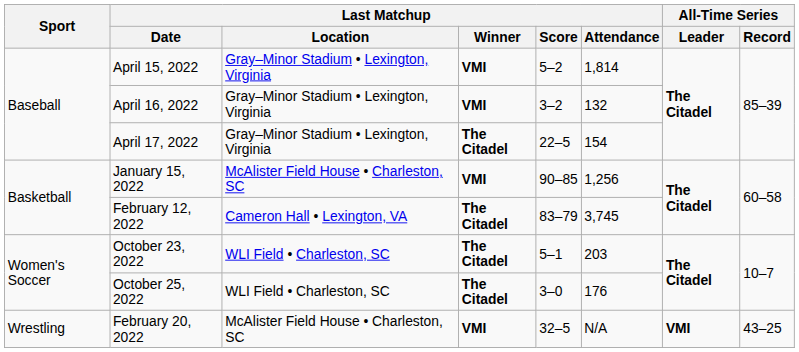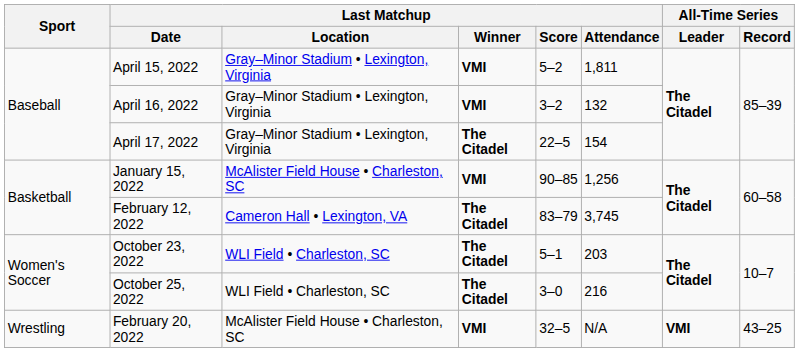 <table class="wikitable" style="text-align:left; font-size: 95%;">
 <tr>
 <th rowspan=2>Sport</th>
 <th colspan=5>Last Matchup</th>
 <th colspan=2>All-Time Series</th>
 </tr>
 <tr>
 <th>Date</th>
 <th>Location</th>
 <th>Winner</th>
 <th>Score</th>
 <th>Attendance</th>
 <th>Leader</th>
 <th>Record</th>
 </tr>
 <tr>
 <td rowspan=3>Baseball</td>
 <td>April 15, 2022</td>
 <td><a href='#'>Gray–Minor Stadium</a> • <a href='#'>Lexington, Virginia</a></td>
 <td><strong>VMI</strong></td>
 <td>5–2</td>
-<td>1,814</td>
+<td>1,811</td>
 <td rowspan=3><strong>The Citadel</strong></td>
 <td rowspan=3>85–39</td>
 </tr>
 <tr>
 <td>April 16, 2022</td>
 <td>Gray–Minor Stadium • Lexington, Virginia</td>
 <td><strong>VMI</strong></td>
 <td>3–2</td>
 <td>132</td>
 </tr>
 <tr>
 <td>April 17, 2022</td>
 <td>Gray–Minor Stadium • Lexington, Virginia</td>
 <td><strong>The Citadel</strong></td>
 <td>22–5</td>
 <td>154</td>
 </tr>
 <tr>
 <td rowspan=2>Basketball</td>
 <td>January 15, 2022</td>
 <td><a href='#'>McAlister Field House</a> • <a href='#'>Charleston, SC</a></td>
 <td><strong>VMI</strong></td>
 <td>90–85</td>
 <td>1,256</td>
 <td rowspan=2><strong>The Citadel</strong></td>
 <td rowspan=2>60–58</td>
 </tr>
 <tr>
 <td>February 12, 2022</td>
 <td><a href='#'>Cameron Hall</a> • <a href='#'>Lexington, VA</a></td>
 <td><strong>The Citadel</strong></td>
 <td>83–79</td>
 <td>3,745</td>
 </tr>
 <tr>
 <td rowspan=2>Women's Soccer</td>
 <td>October 23, 2022</td>
 <td><a href='#'>WLI Field</a> • <a href='#'>Charleston, SC</a></td>
 <td><strong>The Citadel</strong></td>
 <td>5–1</td>
 <td>203</td>
 <td rowspan=2><strong>The Citadel</strong></td>
 <td rowspan=2>10–7</td>
 </tr>
 <tr>
 <td>October 25, 2022</td>
 <td>WLI Field • Charleston, SC</td>
 <td><strong>The Citadel</strong></td>
 <td>3–0</td>
-<td>176</td>
+<td>216</td>
 </tr>
 <tr>
 <td>Wrestling</td>
 <td>February 20, 2022</td>
 <td>McAlister Field House • Charleston, SC</td>
 <td><strong>VMI</strong></td>
 <td>32–5</td>
 <td>N/A</td>
 <td><strong>VMI</strong></td>
 <td>43–25</td>
 </tr>
 </table>
